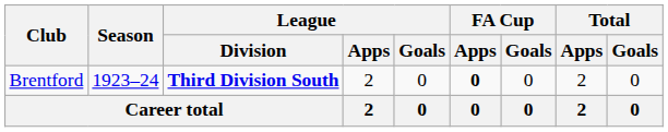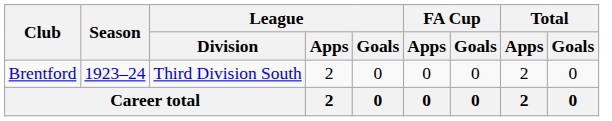 <table class="wikitable" style="text-align: center;">
 <tr>
 <th rowspan="2">Club</th>
 <th rowspan="2">Season</th>
 <th colspan="3">League</th>
 <th colspan="2">FA Cup</th>
 <th colspan="2">Total</th>
 </tr>
 <tr>
 <th>Division</th>
 <th>Apps</th>
 <th>Goals</th>
 <th>Apps</th>
 <th>Goals</th>
 <th>Apps</th>
 <th>Goals</th>
 </tr>
 <tr>
 <td><a href='#'>Brentford</a></td>
 <td><a href='#'>1923–24</a></td>
-<td><strong><a href='#'>Third Division South</a></strong></td>
+<td><a href='#'>Third Division South</a></td>
 <td>2</td>
 <td>0</td>
-<td><strong>0</strong></td>
+<td>0</td>
 <td>0</td>
 <td>2</td>
 <td>0</td>
 </tr>
 <tr>
 <th colspan="3">Career total</th>
 <th>2</th>
 <th>0</th>
 <th>0</th>
 <th>0</th>
 <th>2</th>
 <th>0</th>
 </tr>
 </table>
